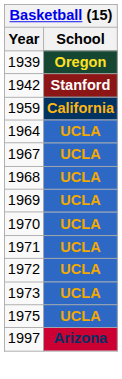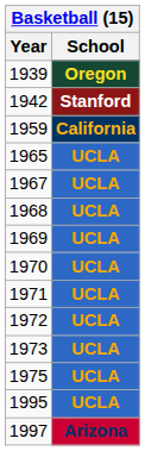 <table class="wikitable">
 <tr>
 <th colspan=2><a href='#'>Basketball</a> (15)</th>
 </tr>
 <tr>
 <th>Year</th>
 <th>School</th>
 </tr>
 <tr>
 <td>1939</td>
 <th style="background:#154733; color:#FEE123;">Oregon</th>
 </tr>
 <tr>
 <td>1942</td>
 <th style="background:#8C1515; color:#FFFFFF;">Stanford</th>
 </tr>
 <tr>
 <td>1959</td>
 <th style="background:#003262; color:#FDB515;">California</th>
 </tr>
 <tr>
-<td>1964</td>
+<td>1965</td>
 <th style="background:#2D68C4; color:#F2A900;">UCLA</th>
 </tr>
 <tr>
 <td>1967</td>
 <th style="background:#2D68C4; color:#F2A900;">UCLA</th>
 </tr>
 <tr>
 <td>1968</td>
 <th style="background:#2D68C4; color:#F2A900;">UCLA</th>
 </tr>
 <tr>
 <td>1969</td>
 <th style="background:#2D68C4; color:#F2A900;">UCLA</th>
 </tr>
 <tr>
 <td>1970</td>
 <th style="background:#2D68C4; color:#F2A900;">UCLA</th>
 </tr>
 <tr>
 <td>1971</td>
 <th style="background:#2D68C4; color:#F2A900;">UCLA</th>
 </tr>
 <tr>
 <td>1972</td>
 <th style="background:#2D68C4; color:#F2A900;">UCLA</th>
 </tr>
 <tr>
 <td>1973</td>
 <th style="background:#2D68C4; color:#F2A900;">UCLA</th>
 </tr>
 <tr>
 <td>1975</td>
 <th style="background:#2D68C4; color:#F2A900;">UCLA</th>
 </tr>
 <tr>
+<td>1995</td>
+<th style="background:#2D68C4; color:#F2A900;">UCLA</th>
+</tr>
+<tr>
 <td>1997</td>
 <th style="background:#CC0033; color:#003366;">Arizona</th>
 </tr>
 </table>
